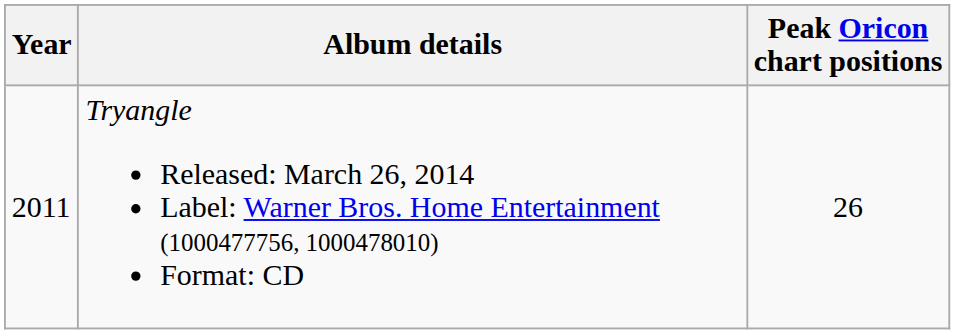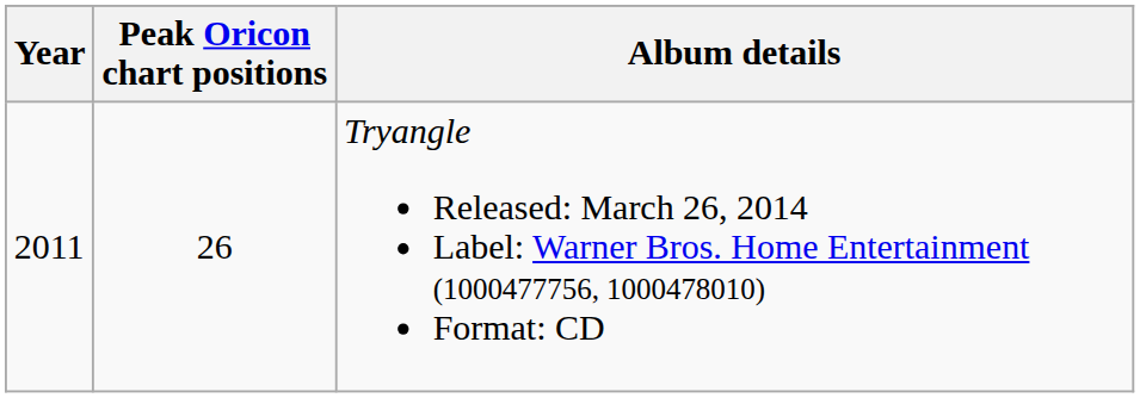 <table class="wikitable" border="1">
 <tr>
 <th rowspan="1">Year</th>
+<th colspan="1">Peak <a href='#'>Oricon</a><br> chart positions</th>
 <th rowspan="1" width="350">Album details</th>
-<th colspan="1">Peak <a href='#'>Oricon</a><br> chart positions</th>
 </tr>
 <tr>
 <td>2011</td>
+<td align="center">26</td>
 <td align="left"><em>Tryangle</em><br><ul><li>Released: March 26, 2014</li><li>Label: <a href='#'>Warner Bros. Home Entertainment</a> <small>(1000477756, 1000478010)</small></li><li>Format: CD</li></ul></td>
-<td align="center">26</td>
 </tr>
 </table>
